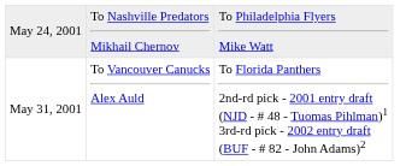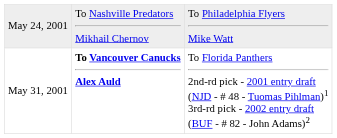 <table border=1 style="border-collapse:collapse" bordercolor="#DFDFDF"  cellpadding="5">
 <tr bgcolor="#eeeeee">
 <td>May 24, 2001</td>
 <td valign="top">To <a href='#'>Nashville Predators</a> <hr><a href='#'>Mikhail Chernov</a></td>
 <td valign="top">To <a href='#'>Philadelphia Flyers</a> <hr><a href='#'>Mike Watt</a></td>
 </tr>
 <tr>
 <td>May 31, 2001</td>
-<td valign="top">To <a href='#'>Vancouver Canucks</a> <hr><a href='#'>Alex Auld</a></td>
+<td valign="top"><strong>To <a href='#'>Vancouver Canucks</a> <hr><a href='#'>Alex Auld</a></strong></td>
 <td valign="top">To <a href='#'>Florida Panthers</a> <hr>2nd-rd pick - <a href='#'>2001 entry draft</a><br>(<a href='#'>NJD</a> - # 48 - <a href='#'>Tuomas Pihlman</a>)<sup>1</sup><br>3rd-rd pick - <a href='#'>2002 entry draft</a><br>(<a href='#'>BUF</a> - # 82 - John Adams)<sup>2</sup></td>
 </tr>
 </table>
